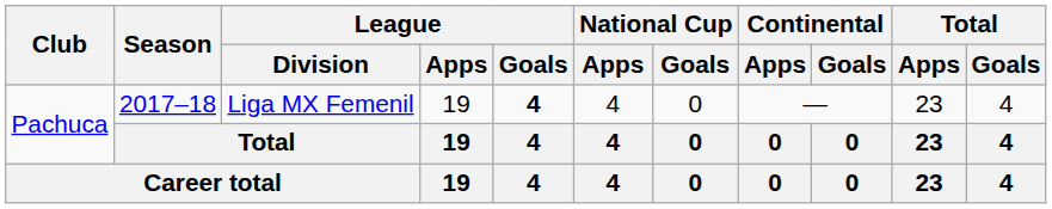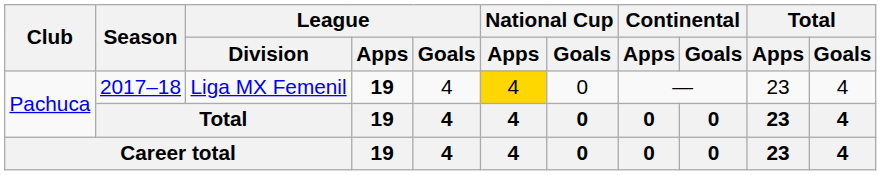 <table class="wikitable" style="text-align:center">
 <tr>
 <th rowspan="2">Club</th>
 <th rowspan="2">Season</th>
 <th colspan="3">League</th>
 <th colspan="2">National Cup</th>
 <th colspan="2">Continental</th>
 <th colspan="2">Total</th>
 </tr>
 <tr>
 <th>Division</th>
 <th>Apps</th>
 <th>Goals</th>
 <th>Apps</th>
 <th>Goals</th>
 <th>Apps</th>
 <th>Goals</th>
 <th>Apps</th>
 <th>Goals</th>
 </tr>
 <tr>
 <td rowspan="2"><a href='#'>Pachuca</a></td>
 <td><a href='#'>2017–18</a></td>
 <td rowspan="1"><a href='#'>Liga MX Femenil</a></td>
-<td>19</td>
-<td><strong>4</strong></td>
+<td><strong>19</strong></td>
 <td>4</td>
+<td style="background: gold;">4</td>
 <td>0</td>
 <td colspan="2">—</td>
 <td>23</td>
 <td>4</td>
 </tr>
 <tr>
 <th colspan="2">Total</th>
 <th>19</th>
 <th>4</th>
 <th>4</th>
 <th>0</th>
 <th>0</th>
 <th>0</th>
 <th>23</th>
 <th>4</th>
 </tr>
 <tr>
 <th colspan="3">Career total</th>
 <th>19</th>
 <th>4</th>
 <th>4</th>
 <th>0</th>
 <th>0</th>
 <th>0</th>
 <th>23</th>
 <th>4</th>
 </tr>
 </table>
